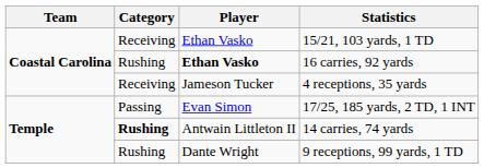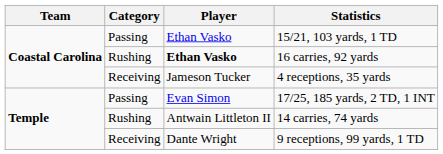 <table class="wikitable" style="float: right;">
 <tr>
 <th>Team</th>
 <th>Category</th>
 <th>Player</th>
 <th>Statistics</th>
 </tr>
 <tr>
 <td rowspan=3><strong>Coastal Carolina</strong></td>
-<td>Receiving</td>
+<td>Passing</td>
 <td><a href='#'>Ethan Vasko</a></td>
 <td>15/21, 103 yards, 1 TD</td>
 </tr>
 <tr>
 <td>Rushing</td>
 <td><strong>Ethan Vasko</strong></td>
 <td>16 carries, 92 yards</td>
 </tr>
 <tr>
 <td>Receiving</td>
 <td>Jameson Tucker</td>
 <td>4 receptions, 35 yards</td>
 </tr>
 <tr>
 <td rowspan=3><strong>Temple</strong></td>
 <td>Passing</td>
 <td><a href='#'>Evan Simon</a></td>
 <td>17/25, 185 yards, 2 TD, 1 INT</td>
 </tr>
 <tr>
-<td><strong>Rushing</strong></td>
+<td>Rushing</td>
 <td>Antwain Littleton II</td>
 <td>14 carries, 74 yards</td>
 </tr>
 <tr>
-<td>Rushing</td>
+<td>Receiving</td>
 <td>Dante Wright</td>
 <td>9 receptions, 99 yards, 1 TD</td>
 </tr>
 </table>
